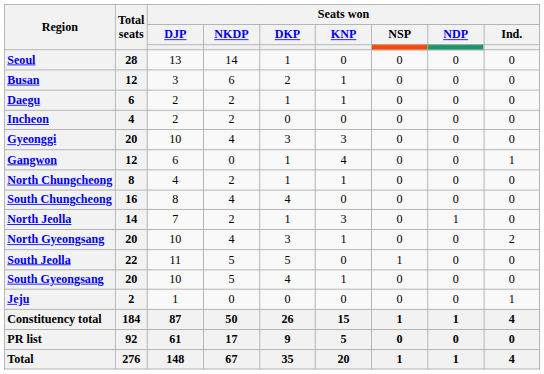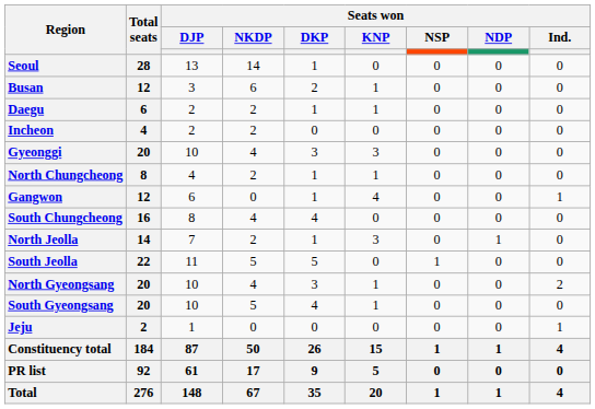 <table class="wikitable" style="text-align:center; font-size: 0.9em;">
 <tr>
 <th rowspan="3">Region</th>
 <th rowspan="3">Total<br>seats</th>
 <th colspan="7">Seats won</th>
 </tr>
 <tr>
 <th class="unsortable" style="width:60px;"><a href='#'>DJP</a></th>
 <th class="unsortable" style="width:60px;"><a href='#'>NKDP</a></th>
 <th class="unsortable" style="width:60px;"><a href='#'>DKP</a></th>
 <th class="unsortable" style="width:60px;"><a href='#'>KNP</a></th>
 <th class="unsortable" style="width:60px;">NSP</th>
 <th class="unsortable" style="width:60px;"><a href='#'>NDP</a></th>
 <th class="unsortable" style="width:60px;">Ind.</th>
 </tr>
 <tr>
 <th style="background:"></th>
 <th style="background:"></th>
 <th style="background:"></th>
 <th style="background:"></th>
 <th style="background:#FF4500;"></th>
 <th style="background:#189868;"></th>
 <th style="background:"></th>
 </tr>
 <tr>
 <th style="text-align: left;"><a href='#'>Seoul</a></th>
 <th>28</th>
 <td>13</td>
 <td>14</td>
 <td>1</td>
 <td>0</td>
 <td>0</td>
 <td>0</td>
 <td>0</td>
 </tr>
 <tr>
 <th style="text-align: left;"><a href='#'>Busan</a></th>
 <th>12</th>
 <td>3</td>
 <td>6</td>
 <td>2</td>
 <td>1</td>
 <td>0</td>
 <td>0</td>
 <td>0</td>
 </tr>
 <tr>
 <th style="text-align: left;"><a href='#'>Daegu</a></th>
 <th>6</th>
 <td>2</td>
 <td>2</td>
 <td>1</td>
 <td>1</td>
 <td>0</td>
 <td>0</td>
 <td>0</td>
 </tr>
 <tr>
 <th style="text-align: left;"><a href='#'>Incheon</a></th>
 <th>4</th>
 <td>2</td>
 <td>2</td>
 <td>0</td>
 <td>0</td>
 <td>0</td>
 <td>0</td>
 <td>0</td>
 </tr>
 <tr>
 <th style="text-align: left;"><a href='#'>Gyeonggi</a></th>
 <th>20</th>
 <td>10</td>
 <td>4</td>
 <td>3</td>
 <td>3</td>
 <td>0</td>
 <td>0</td>
 <td>0</td>
 </tr>
 <tr>
+<th style="text-align: left;"><a href='#'>North Chungcheong</a></th>
+<th>8</th>
+<td>4</td>
+<td>2</td>
+<td>1</td>
+<td>1</td>
+<td>0</td>
+<td>0</td>
+<td>0</td>
+</tr>
+<tr>
 <th style="text-align: left;"><a href='#'>Gangwon</a></th>
 <th>12</th>
 <td>6</td>
 <td>0</td>
 <td>1</td>
 <td>4</td>
 <td>0</td>
 <td>0</td>
 <td>1</td>
-</tr>
-<tr>
-<th style="text-align: left;"><a href='#'>North Chungcheong</a></th>
-<th>8</th>
-<td>4</td>
-<td>2</td>
-<td>1</td>
-<td>1</td>
-<td>0</td>
-<td>0</td>
-<td>0</td>
 </tr>
 <tr>
 <th style="text-align: left;"><a href='#'>South Chungcheong</a></th>
 <th>16</th>
 <td>8</td>
 <td>4</td>
 <td>4</td>
 <td>0</td>
 <td>0</td>
 <td>0</td>
 <td>0</td>
 </tr>
 <tr>
 <th style="text-align: left;"><a href='#'>North Jeolla</a></th>
 <th>14</th>
 <td>7</td>
 <td>2</td>
 <td>1</td>
 <td>3</td>
 <td>0</td>
 <td>1</td>
 <td>0</td>
 </tr>
 <tr>
+<th style="text-align: left;"><a href='#'>South Jeolla</a></th>
+<th>22</th>
+<td>11</td>
+<td>5</td>
+<td>5</td>
+<td>0</td>
+<td>1</td>
+<td>0</td>
+<td>0</td>
+</tr>
+<tr>
 <th style="text-align: left;"><a href='#'>North Gyeongsang</a></th>
 <th>20</th>
 <td>10</td>
 <td>4</td>
 <td>3</td>
 <td>1</td>
 <td>0</td>
 <td>0</td>
 <td>2</td>
-</tr>
-<tr>
-<th style="text-align: left;"><a href='#'>South Jeolla</a></th>
-<th>22</th>
-<td>11</td>
-<td>5</td>
-<td>5</td>
-<td>0</td>
-<td>1</td>
-<td>0</td>
-<td>0</td>
 </tr>
 <tr>
 <th style="text-align: left;"><a href='#'>South Gyeongsang</a></th>
 <th>20</th>
 <td>10</td>
 <td>5</td>
 <td>4</td>
 <td>1</td>
 <td>0</td>
 <td>0</td>
 <td>0</td>
 </tr>
 <tr>
 <th style="text-align: left;"><a href='#'>Jeju</a></th>
 <th>2</th>
 <td>1</td>
 <td>0</td>
 <td>0</td>
 <td>0</td>
 <td>0</td>
 <td>0</td>
 <td>1</td>
 </tr>
 <tr class="sortbottom">
 <th style="text-align: left;">Constituency total</th>
 <th>184</th>
 <th>87</th>
 <th>50</th>
 <th>26</th>
 <th>15</th>
 <th>1</th>
 <th>1</th>
 <th>4</th>
 </tr>
 <tr>
 <th style="text-align: left;">PR list</th>
 <th>92</th>
 <th>61</th>
 <th>17</th>
 <th>9</th>
 <th>5</th>
 <th>0</th>
 <th>0</th>
 <th>0</th>
 </tr>
 <tr>
 <th style="text-align: left;">Total</th>
 <th>276</th>
 <th>148</th>
 <th>67</th>
 <th>35</th>
 <th>20</th>
 <th>1</th>
 <th>1</th>
 <th>4</th>
 </tr>
 </table>
